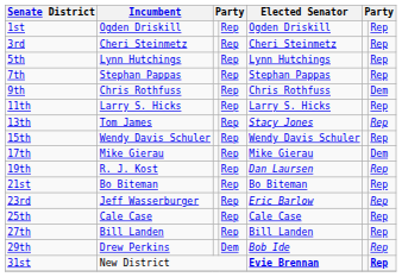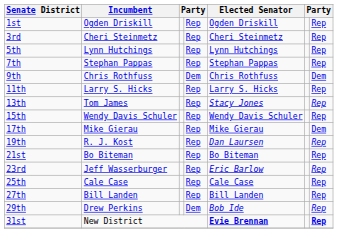 <table class="sortable wikitable" style="font-size:95%;line-height:14px;">
 <tr>
 <th colspan="1" class="sortable"><a href='#'>Senate</a> District</th>
 <th class="unsortable"><a href='#'>Incumbent</a></th>
 <th colspan="2">Party</th>
 <th class="unsortable">Elected Senator</th>
 <th colspan="2">Party</th>
 </tr>
 <tr>
 <td><a href='#'>1st</a></td>
 <td><a href='#'>Ogden Driskill</a></td>
 <td style="background:"></td>
 <td><a href='#'>Rep</a></td>
 <td><a href='#'>Ogden Driskill</a></td>
 <td style="background:"></td>
 <td><a href='#'>Rep</a></td>
 </tr>
 <tr>
 <td><a href='#'>3rd</a></td>
 <td><a href='#'>Cheri Steinmetz</a></td>
 <td style="background:"></td>
 <td><a href='#'>Rep</a></td>
 <td><a href='#'>Cheri Steinmetz</a></td>
 <td style="background:"></td>
 <td><a href='#'>Rep</a></td>
 </tr>
 <tr>
 <td><a href='#'>5th</a></td>
 <td><a href='#'>Lynn Hutchings</a></td>
 <td style="background:"></td>
 <td><a href='#'>Rep</a></td>
 <td><a href='#'>Lynn Hutchings</a></td>
 <td style="background:"></td>
 <td><a href='#'>Rep</a></td>
 </tr>
 <tr>
 <td><a href='#'>7th</a></td>
 <td><a href='#'>Stephan Pappas</a></td>
 <td style="background:"></td>
 <td><a href='#'>Rep</a></td>
 <td><a href='#'>Stephan Pappas</a></td>
 <td style="background:"></td>
 <td><a href='#'>Rep</a></td>
 </tr>
 <tr>
 <td><a href='#'>9th</a></td>
 <td><a href='#'>Chris Rothfuss</a></td>
 <td style="background:"></td>
-<td><a href='#'>Rep</a></td>
+<td><a href='#'>Dem</a></td>
 <td><a href='#'>Chris Rothfuss</a></td>
 <td style="background:"></td>
 <td><a href='#'>Dem</a></td>
 </tr>
 <tr>
 <td><a href='#'>11th</a></td>
 <td><a href='#'>Larry S. Hicks</a></td>
 <td style="background:"></td>
 <td><a href='#'>Rep</a></td>
 <td><a href='#'>Larry S. Hicks</a></td>
 <td style="background:"></td>
 <td><a href='#'>Rep</a></td>
 </tr>
 <tr>
 <td><a href='#'>13th</a></td>
 <td><a href='#'>Tom James</a></td>
 <td style="background:"></td>
 <td><a href='#'>Rep</a></td>
 <td><em><a href='#'>Stacy Jones</a></em></td>
 <td style="background:"></td>
 <td><em><a href='#'>Rep</a></em></td>
 </tr>
 <tr>
 <td><a href='#'>15th</a></td>
 <td><a href='#'>Wendy Davis Schuler</a></td>
 <td style="background:"></td>
 <td><a href='#'>Rep</a></td>
 <td><a href='#'>Wendy Davis Schuler</a></td>
 <td style="background:"></td>
 <td><a href='#'>Rep</a></td>
 </tr>
 <tr>
 <td><a href='#'>17th</a></td>
 <td><a href='#'>Mike Gierau</a></td>
 <td style="background:"></td>
 <td><a href='#'>Rep</a></td>
 <td><a href='#'>Mike Gierau</a></td>
 <td style="background:"></td>
 <td><a href='#'>Dem</a></td>
 </tr>
 <tr>
 <td><a href='#'>19th</a></td>
 <td><a href='#'>R. J. Kost</a></td>
 <td style="background:"></td>
 <td><a href='#'>Rep</a></td>
 <td><em><a href='#'>Dan Laursen</a></em></td>
 <td style="background:"></td>
 <td><em><a href='#'>Rep</a></em></td>
 </tr>
 <tr>
 <td><a href='#'>21st</a></td>
 <td><a href='#'>Bo Biteman</a></td>
 <td style="background:"></td>
 <td><a href='#'>Rep</a></td>
 <td><a href='#'>Bo Biteman</a></td>
 <td style="background:"></td>
 <td><a href='#'>Rep</a></td>
 </tr>
 <tr>
 <td><a href='#'>23rd</a></td>
 <td><a href='#'>Jeff Wasserburger</a></td>
 <td style="background:"></td>
 <td><a href='#'>Rep</a></td>
 <td><em><a href='#'>Eric Barlow</a></em></td>
 <td style="background:"></td>
 <td><em><a href='#'>Rep</a></em></td>
 </tr>
 <tr>
 <td><a href='#'>25th</a></td>
 <td><a href='#'>Cale Case</a></td>
 <td style="background:"></td>
 <td><a href='#'>Rep</a></td>
 <td><a href='#'>Cale Case</a></td>
 <td style="background:"></td>
 <td><a href='#'>Rep</a></td>
 </tr>
 <tr>
 <td><a href='#'>27th</a></td>
 <td><a href='#'>Bill Landen</a></td>
 <td style="background:"></td>
 <td><a href='#'>Rep</a></td>
 <td><a href='#'>Bill Landen</a></td>
 <td style="background:"></td>
 <td><a href='#'>Rep</a></td>
 </tr>
 <tr>
 <td><a href='#'>29th</a></td>
 <td><a href='#'>Drew Perkins</a></td>
 <td style="background:"></td>
 <td><a href='#'>Dem</a></td>
 <td><em><a href='#'>Bob Ide</a></em></td>
 <td style="background:"></td>
 <td><em><a href='#'>Rep</a></em></td>
 </tr>
 <tr>
 <td><a href='#'>31st</a></td>
 <td colspan="3">New District</td>
 <td><strong><a href='#'>Evie Brennan</a></strong></td>
 <td style="background:"></td>
 <td><strong><a href='#'>Rep</a></strong></td>
 </tr>
 <tr>
 </tr>
 </table>
